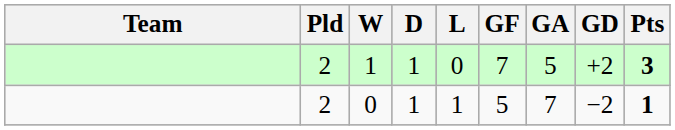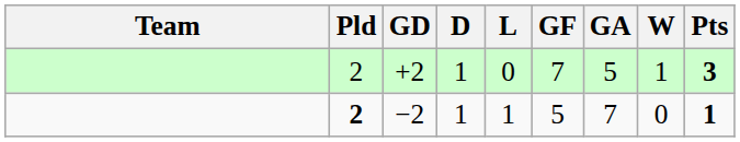 <table class="wikitable" style="text-align:center;">
 <tr>
 <th width=180>Team</th>
 <th width=20>Pld</th>
-<th width=20>W</th>
+<th width=20>GD</th>
 <th width=20>D</th>
 <th width=20>L</th>
 <th width=20>GF</th>
 <th width=20>GA</th>
-<th width=20>GD</th>
+<th width=20>W</th>
 <th width=20>Pts</th>
 </tr>
 <tr bgcolor="ccffcc">
 <td align="left"></td>
 <td>2</td>
-<td>1</td>
+<td>+2</td>
 <td>1</td>
 <td>0</td>
 <td>7</td>
 <td>5</td>
-<td>+2</td>
+<td>1</td>
 <td><strong>3</strong></td>
 </tr>
 <tr>
 <td align="left"></td>
-<td>2</td>
-<td>0</td>
+<td><strong>2</strong></td>
+<td>−2</td>
 <td>1</td>
 <td>1</td>
 <td>5</td>
 <td>7</td>
-<td>−2</td>
+<td>0</td>
 <td><strong>1</strong></td>
 </tr>
 </table>
